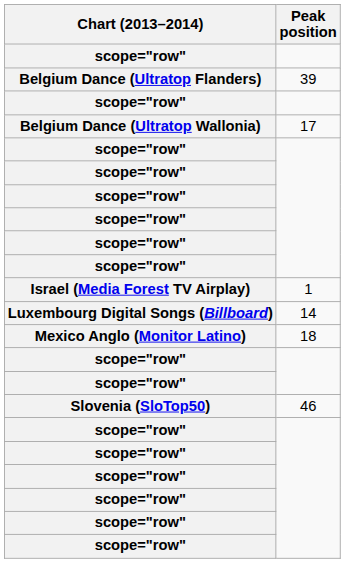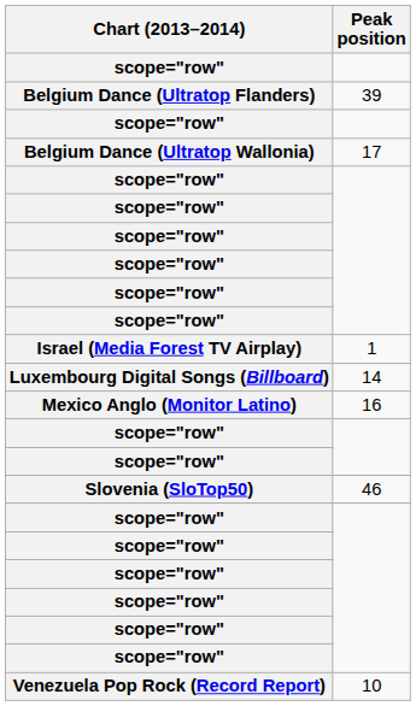 <table class="wikitable plainrowheaders sortable" style="text-align:center">
 <tr>
 <th scope="col">Chart (2013–2014)</th>
 <th scope="col">Peak<br>position</th>
 </tr>
 <tr>
 <th>scope="row"</th>
 </tr>
 <tr>
 <th scope="row">Belgium Dance (<a href='#'>Ultratop</a> Flanders)</th>
 <td style="text-align:center;">39</td>
 </tr>
 <tr>
 <th>scope="row"</th>
 </tr>
 <tr>
 <th scope="row">Belgium Dance (<a href='#'>Ultratop</a> Wallonia)</th>
 <td style="text-align:center;">17</td>
 </tr>
 <tr>
 <th>scope="row"</th>
 </tr>
 <tr>
 <th>scope="row"</th>
 </tr>
 <tr>
 <th>scope="row"</th>
 </tr>
 <tr>
 <th>scope="row"</th>
 </tr>
 <tr>
 <th>scope="row"</th>
 </tr>
 <tr>
 <th>scope="row"</th>
 </tr>
 <tr>
 <th scope="row">Israel (<a href='#'>Media Forest</a> TV Airplay)</th>
 <td style="text-align:center;">1</td>
 </tr>
 <tr>
 <th scope="row">Luxembourg Digital Songs (<em><a href='#'>Billboard</a></em>)</th>
 <td style="text-align:center;">14</td>
 </tr>
 <tr>
 <th scope="row">Mexico Anglo (<a href='#'>Monitor Latino</a>)</th>
-<td style="text-align:center;">18</td>
+<td style="text-align:center;">16</td>
 </tr>
 <tr>
 <th>scope="row"</th>
 </tr>
 <tr>
 <th>scope="row"</th>
 </tr>
 <tr>
 <th scope="row">Slovenia (<a href='#'>SloTop50</a>)</th>
 <td align=center>46</td>
 </tr>
 <tr>
 <th>scope="row"</th>
 </tr>
 <tr>
 <th>scope="row"</th>
 </tr>
 <tr>
 <th>scope="row"</th>
 </tr>
 <tr>
 <th>scope="row"</th>
 </tr>
 <tr>
 <th>scope="row"</th>
 </tr>
 <tr>
 <th>scope="row"</th>
 </tr>
+<tr>
+<th scope="row">Venezuela Pop Rock (<a href='#'>Record Report</a>)</th>
+<td style="text-align:center">10</td>
+</tr>
 </table>
